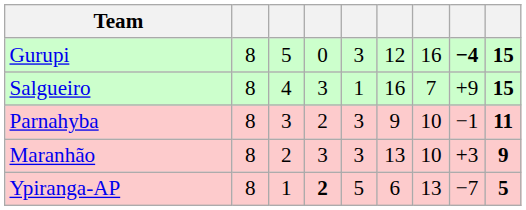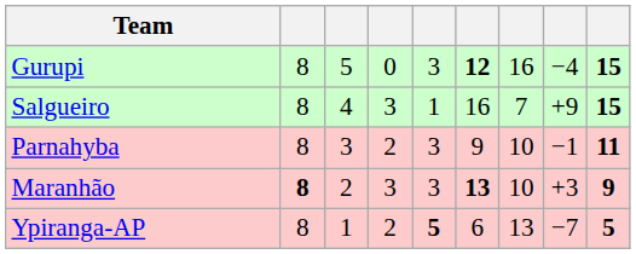 <table class="wikitable" style="text-align: center;">
 <tr>
 <th width=165>Team</th>
 <th width=20></th>
 <th width=20></th>
 <th width=20></th>
 <th width=20></th>
 <th width=20></th>
 <th width=20></th>
 <th width=20></th>
 <th width=20></th>
 </tr>
 <tr bgcolor=#ccffcc>
 <td align=left> <a href='#'>Gurupi</a></td>
 <td>8</td>
 <td>5</td>
 <td>0</td>
 <td>3</td>
-<td>12</td>
+<td><strong>12</strong></td>
 <td>16</td>
-<td><strong>−4</strong></td>
+<td>−4</td>
 <td><strong>15</strong></td>
 </tr>
 <tr bgcolor=#ccffcc>
 <td align=left> <a href='#'>Salgueiro</a></td>
 <td>8</td>
 <td>4</td>
 <td>3</td>
 <td>1</td>
 <td>16</td>
 <td>7</td>
 <td>+9</td>
 <td><strong>15</strong></td>
 </tr>
 <tr bgcolor=#FDCBCC>
 <td align=left> <a href='#'>Parnahyba</a></td>
 <td>8</td>
 <td>3</td>
 <td>2</td>
 <td>3</td>
 <td>9</td>
 <td>10</td>
 <td>−1</td>
 <td><strong>11</strong></td>
 </tr>
 <tr bgcolor=#FDCBCC>
 <td align=left> <a href='#'>Maranhão</a></td>
-<td>8</td>
+<td><strong>8</strong></td>
 <td>2</td>
 <td>3</td>
 <td>3</td>
-<td>13</td>
+<td><strong>13</strong></td>
 <td>10</td>
 <td>+3</td>
 <td><strong>9</strong></td>
 </tr>
 <tr bgcolor=#FDCBCC>
 <td align=left> <a href='#'>Ypiranga-AP</a></td>
 <td>8</td>
 <td>1</td>
-<td><strong>2</strong></td>
-<td>5</td>
+<td>2</td>
+<td><strong>5</strong></td>
 <td>6</td>
 <td>13</td>
 <td>−7</td>
 <td><strong>5</strong></td>
 </tr>
 </table>
